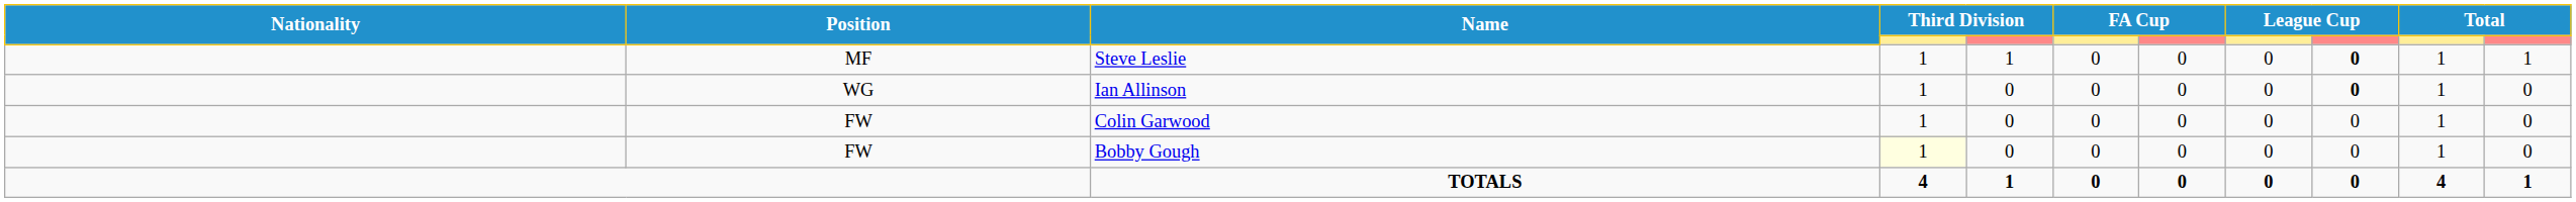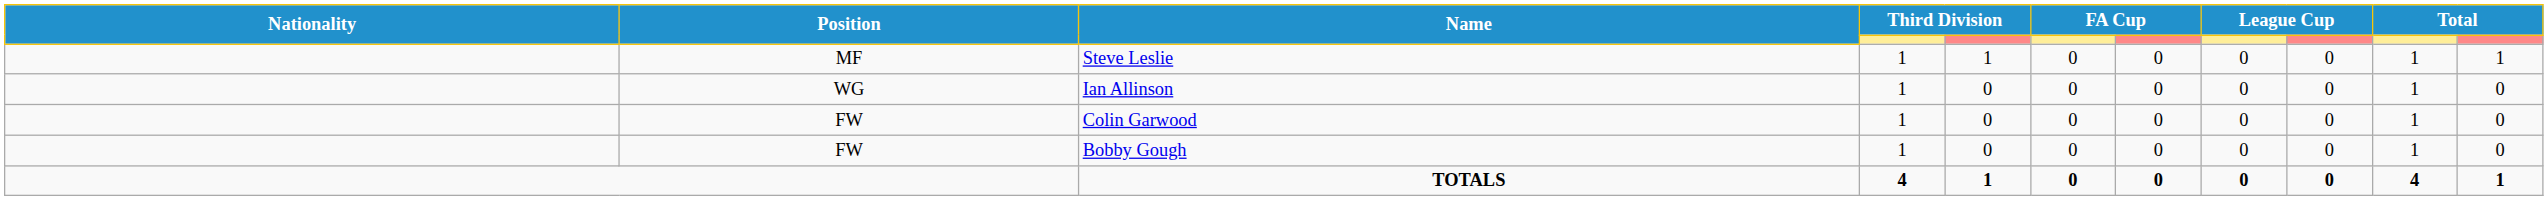 <table class="wikitable" style="text-align:center; font-size:90%; width:100%;">
 <tr>
 <th rowspan="2" style="background:#2191CC; color:white; border:1px solid #F7C408; text-align:center;">Nationality</th>
 <th rowspan="2" style="background:#2191CC; color:white; border:1px solid #F7C408; text-align:center;">Position</th>
 <th rowspan="2" style="background:#2191CC; color:white; border:1px solid #F7C408; text-align:center;">Name</th>
 <th colspan="2" style="background:#2191CC; color:white; border:1px solid #F7C408; text-align:center;">Third Division</th>
 <th colspan="2" style="background:#2191CC; color:white; border:1px solid #F7C408; text-align:center;">FA Cup</th>
 <th colspan="2" style="background:#2191CC; color:white; border:1px solid #F7C408; text-align:center;">League Cup</th>
 <th colspan="2" style="background:#2191CC; color:white; border:1px solid #F7C408; text-align:center;">Total</th>
 </tr>
 <tr>
 <th width=60 style="background: #FFEE99"></th>
 <th width=60 style="background: #FF8888"></th>
 <th width=60 style="background: #FFEE99"></th>
 <th width=60 style="background: #FF8888"></th>
 <th width=60 style="background: #FFEE99"></th>
 <th width=60 style="background: #FF8888"></th>
 <th width=60 style="background: #FFEE99"></th>
 <th width=60 style="background: #FF8888"></th>
 </tr>
 <tr>
 <td></td>
 <td>MF</td>
 <td align="left"><a href='#'>Steve Leslie</a></td>
 <td>1</td>
 <td>1</td>
 <td>0</td>
 <td>0</td>
 <td>0</td>
-<td><strong>0</strong></td>
+<td>0</td>
 <td>1</td>
 <td>1</td>
 </tr>
 <tr>
 <td></td>
 <td>WG</td>
 <td align="left"><a href='#'>Ian Allinson</a></td>
 <td>1</td>
 <td>0</td>
 <td>0</td>
 <td>0</td>
 <td>0</td>
-<td><strong>0</strong></td>
+<td>0</td>
 <td>1</td>
 <td>0</td>
 </tr>
 <tr>
 <td></td>
 <td>FW</td>
 <td align="left"><a href='#'>Colin Garwood</a></td>
 <td>1</td>
 <td>0</td>
 <td>0</td>
 <td>0</td>
 <td>0</td>
 <td>0</td>
 <td>1</td>
 <td>0</td>
 </tr>
 <tr>
 <td></td>
 <td>FW</td>
 <td align="left"><a href='#'>Bobby Gough</a></td>
-<td style="background: lightyellow;">1</td>
+<td>1</td>
 <td>0</td>
 <td>0</td>
 <td>0</td>
 <td>0</td>
 <td>0</td>
 <td>1</td>
 <td>0</td>
 </tr>
 <tr>
 <td colspan="2"></td>
 <td><strong>TOTALS</strong></td>
 <td><strong>4</strong></td>
 <td><strong>1</strong></td>
 <td><strong>0</strong></td>
 <td><strong>0</strong></td>
 <td><strong>0</strong></td>
 <td><strong>0</strong></td>
 <td><strong>4</strong></td>
 <td><strong>1</strong></td>
 </tr>
 </table>
